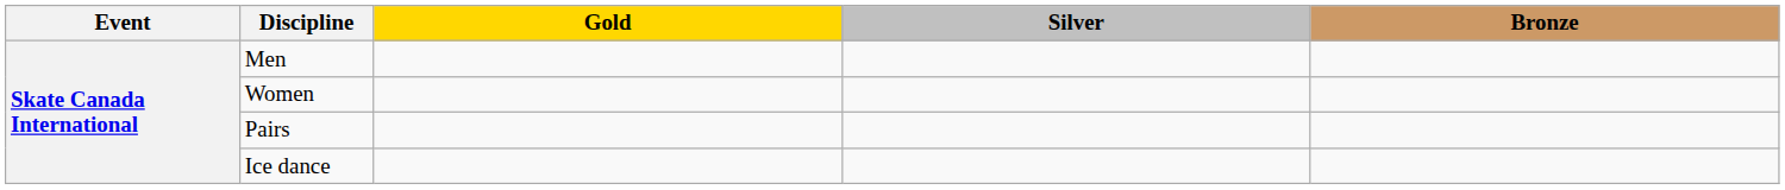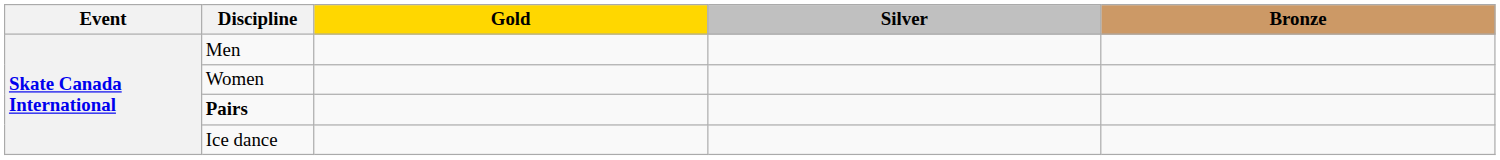 <table class="wikitable unsortable" style="text-align:left; width:100%;">
 <tr>
 <th scope="col" style="width:10%">Event</th>
 <th scope="col" style="width:5%">Discipline</th>
 <td scope="col" style="text-align:center; width:20%; background:gold"><strong>Gold</strong></td>
 <td scope="col" style="text-align:center; width:20%; background:silver"><strong>Silver</strong></td>
 <td scope="col" style="text-align:center; width:20%; background:#c96"><strong>Bronze</strong></td>
 </tr>
 <tr>
 <th scope="row" style="text-align:left" rowspan="4"> <a href='#'>Skate Canada International</a></th>
 <td>Men</td>
 <td></td>
 <td></td>
 <td></td>
 </tr>
 <tr>
 <td>Women</td>
 <td></td>
 <td></td>
 <td></td>
 </tr>
 <tr>
-<td>Pairs</td>
+<td><strong>Pairs</strong></td>
 <td></td>
 <td></td>
 <td></td>
 </tr>
 <tr>
 <td>Ice dance</td>
 <td></td>
 <td></td>
 <td></td>
 </tr>
 </table>
